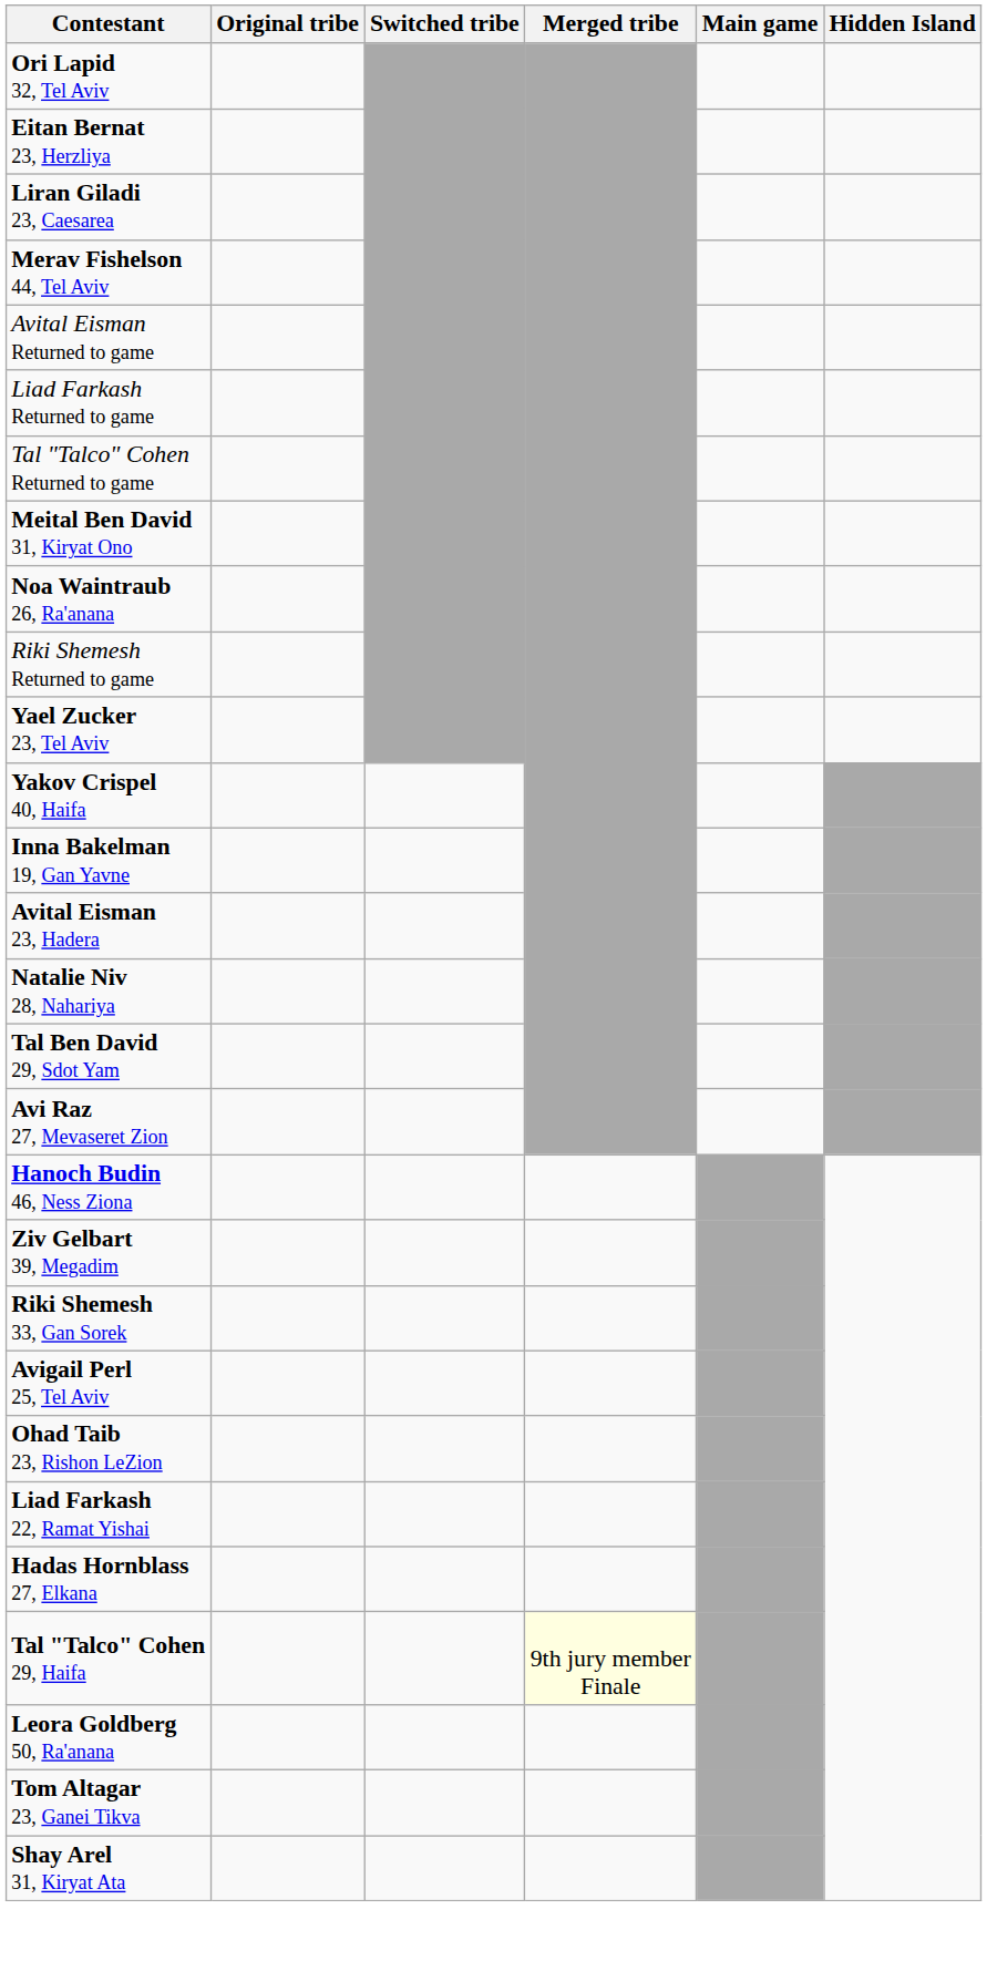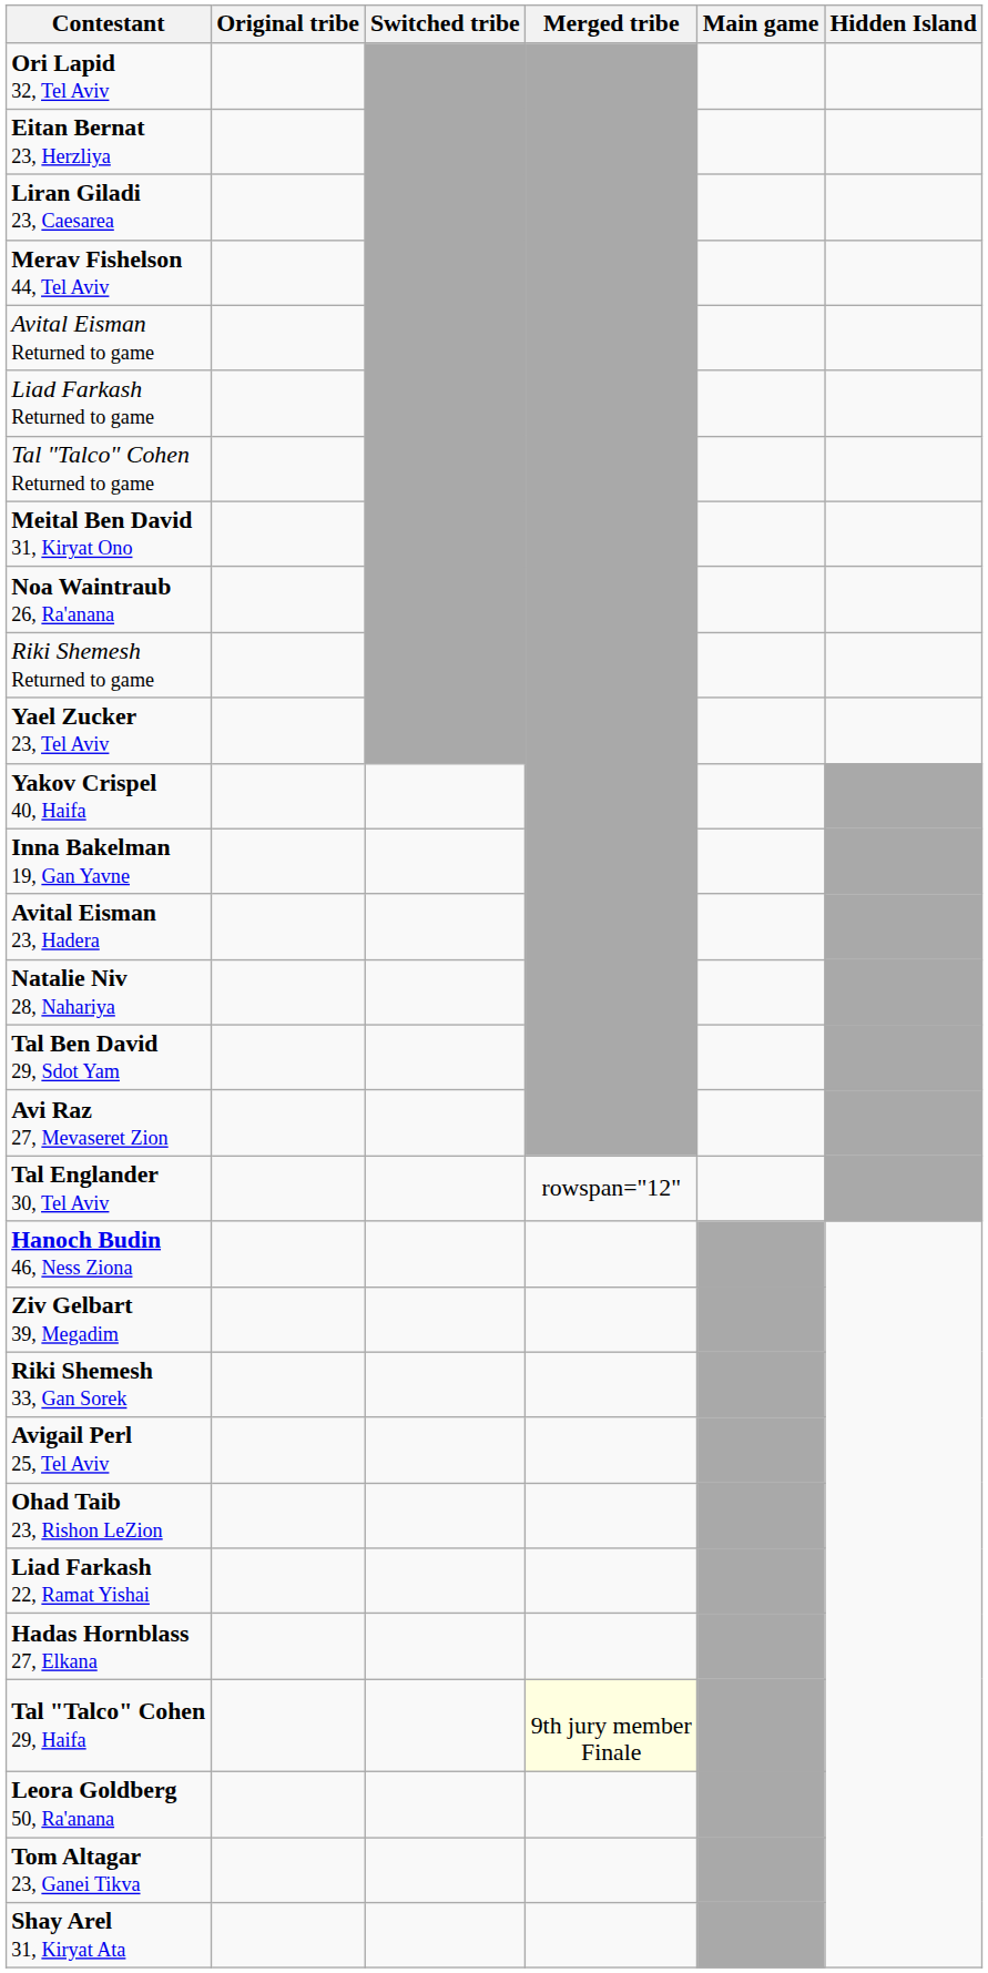 <table class="wikitable sortable nowrap" style="margin:auto; text-align:center">
 <tr>
 <th>Contestant</th>
 <th>Original tribe</th>
 <th>Switched tribe</th>
 <th>Merged tribe</th>
 <th>Main game</th>
 <th>Hidden Island</th>
 </tr>
 <tr>
 <td align="left"><strong>Ori Lapid</strong><br><small>32, <a href='#'>Tel Aviv</a></small></td>
 <td></td>
 <td rowspan="11" bgcolor="darkgrey"></td>
 <td rowspan="17" bgcolor="darkgrey"></td>
 <td></td>
 <td></td>
 </tr>
 <tr>
 <td align="left"><strong>Eitan Bernat</strong><br><small>23, <a href='#'>Herzliya</a></small></td>
 <td></td>
 <td></td>
 <td></td>
 </tr>
 <tr>
 <td align="left"><strong>Liran Giladi</strong><br><small>23, <a href='#'>Caesarea</a></small></td>
 <td></td>
 <td></td>
 <td></td>
 </tr>
 <tr>
 <td align="left"><strong>Merav Fishelson</strong><br><small>44, <a href='#'>Tel Aviv</a></small></td>
 <td></td>
 <td></td>
 <td></td>
 </tr>
 <tr>
 <td align="left"><em>Avital Eisman</em><br><small>Returned to game</small></td>
 <td></td>
 <td></td>
 <td></td>
 </tr>
 <tr>
 <td align="left"><em>Liad Farkash</em><br><small>Returned to game</small></td>
 <td></td>
 <td></td>
 <td></td>
 </tr>
 <tr>
 <td align="left"><em>Tal "Talco" Cohen</em><br><small>Returned to game</small></td>
 <td></td>
 <td></td>
 <td></td>
 </tr>
 <tr>
 <td align="left"><strong>Meital Ben David</strong><br><small>31, <a href='#'>Kiryat Ono</a></small></td>
 <td></td>
 <td></td>
 <td></td>
 </tr>
 <tr>
 <td align="left"><strong>Noa Waintraub</strong><br><small>26, <a href='#'>Ra'anana</a></small></td>
 <td></td>
 <td></td>
 <td></td>
 </tr>
 <tr>
 <td align="left"><em>Riki Shemesh</em><br><small>Returned to game</small></td>
 <td></td>
 <td></td>
 <td></td>
 </tr>
 <tr>
 <td align="left"><strong>Yael Zucker</strong><br><small>23, <a href='#'>Tel Aviv</a></small></td>
 <td></td>
 <td></td>
 <td></td>
 </tr>
 <tr>
 <td align="left"><strong>Yakov Crispel</strong><br><small>40, <a href='#'>Haifa</a></small></td>
 <td></td>
 <td></td>
 <td></td>
 <td bgcolor="darkgrey"></td>
 </tr>
 <tr>
 <td align="left"><strong>Inna Bakelman</strong><br><small>19, <a href='#'>Gan Yavne</a></small></td>
 <td></td>
 <td></td>
 <td></td>
 <td bgcolor="darkgrey"></td>
 </tr>
 <tr>
 <td align="left"><strong>Avital Eisman</strong><br><small>23, <a href='#'>Hadera</a></small></td>
 <td></td>
 <td></td>
 <td></td>
 <td bgcolor="darkgrey"></td>
 </tr>
 <tr>
 <td align="left"><strong>Natalie Niv</strong><br><small>28, <a href='#'>Nahariya</a></small></td>
 <td></td>
 <td></td>
 <td></td>
 <td bgcolor="darkgrey"></td>
 </tr>
 <tr>
 <td align="left"><strong>Tal Ben David</strong><br><small>29, <a href='#'>Sdot Yam</a></small></td>
 <td></td>
 <td></td>
 <td></td>
 <td bgcolor="darkgrey"></td>
 </tr>
 <tr>
 <td align="left"><strong>Avi Raz</strong><br><small>27, <a href='#'>Mevaseret Zion</a></small></td>
 <td></td>
 <td></td>
 <td></td>
 <td bgcolor="darkgrey"></td>
 </tr>
 <tr>
+<td align="left"><strong>Tal Englander</strong><br><small>30, <a href='#'>Tel Aviv</a></small></td>
+<td></td>
+<td></td>
+<td>rowspan="12" </td>
+<td></td>
+<td bgcolor="darkgrey"></td>
+</tr>
+<tr>
 <td align="left"><strong><a href='#'>Hanoch Budin</a></strong><br><small>46, <a href='#'>Ness Ziona</a></small></td>
 <td></td>
 <td></td>
 <td></td>
 <td bgcolor="darkgrey"></td>
 </tr>
 <tr>
 <td align="left"><strong>Ziv Gelbart</strong><br><small>39, <a href='#'>Megadim</a></small></td>
 <td></td>
 <td></td>
 <td></td>
 <td bgcolor="darkgrey"></td>
 </tr>
 <tr>
 <td align="left"><strong>Riki Shemesh</strong><br><small>33, <a href='#'>Gan Sorek</a></small></td>
 <td></td>
 <td></td>
 <td></td>
 <td bgcolor="darkgrey"></td>
 </tr>
 <tr>
 <td align="left"><strong>Avigail Perl</strong><br><small>25, <a href='#'>Tel Aviv</a></small></td>
 <td></td>
 <td></td>
 <td></td>
 <td bgcolor="darkgrey"></td>
 </tr>
 <tr>
 <td align="left"><strong>Ohad Taib</strong><br><small>23, <a href='#'>Rishon LeZion</a></small></td>
 <td></td>
 <td></td>
 <td></td>
 <td bgcolor="darkgrey"></td>
 </tr>
 <tr>
 <td align="left"><strong>Liad Farkash</strong><br><small>22, <a href='#'>Ramat Yishai</a></small></td>
 <td></td>
 <td></td>
 <td></td>
 <td bgcolor="darkgrey"></td>
 </tr>
 <tr>
 <td align="left"><strong>Hadas Hornblass</strong><br><small>27, <a href='#'>Elkana</a></small></td>
 <td></td>
 <td></td>
 <td></td>
 <td bgcolor="darkgrey"></td>
 </tr>
 <tr>
 <td align="left"><strong>Tal "Talco" Cohen</strong><br><small>29, <a href='#'>Haifa</a></small></td>
 <td></td>
 <td></td>
 <td style="background: lightyellow;"><br>9th jury member<br>Finale</td>
 <td bgcolor="darkgrey"></td>
 </tr>
 <tr>
 <td align="left"><strong>Leora Goldberg</strong><br><small>50, <a href='#'>Ra'anana</a></small></td>
 <td></td>
 <td></td>
 <td></td>
 <td bgcolor="darkgrey"></td>
 </tr>
 <tr>
 <td align="left"><strong>Tom Altagar</strong><br><small>23, <a href='#'>Ganei Tikva</a></small></td>
 <td></td>
 <td></td>
 <td></td>
 <td bgcolor="darkgrey"></td>
 </tr>
 <tr>
 <td align="left"><strong>Shay Arel</strong><br><small>31, <a href='#'>Kiryat Ata</a></small></td>
 <td></td>
 <td></td>
 <td></td>
 <td bgcolor="darkgrey"></td>
 </tr>
 </table>
